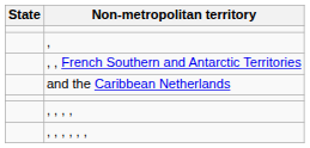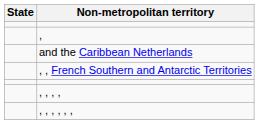 <table class="wikitable">
 <tr>
 <th>State</th>
 <th>Non-metropolitan territory</th>
 </tr>
 <tr>
 <td></td>
 <td></td>
 </tr>
 <tr>
 <td></td>
 <td>, </td>
 </tr>
 <tr>
 <td></td>
-<td>, , <a href='#'>French Southern and Antarctic Territories</a></td>
+<td> and the <a href='#'>Caribbean Netherlands</a></td>
 </tr>
 <tr>
 <td></td>
-<td> and the <a href='#'>Caribbean Netherlands</a></td>
+<td>, , <a href='#'>French Southern and Antarctic Territories</a></td>
 </tr>
 <tr>
 <td></td>
 <td></td>
 </tr>
 <tr>
 <td></td>
 <td>, , , , </td>
 </tr>
 <tr>
 <td></td>
 <td>, , , , , , </td>
 </tr>
 </table>
